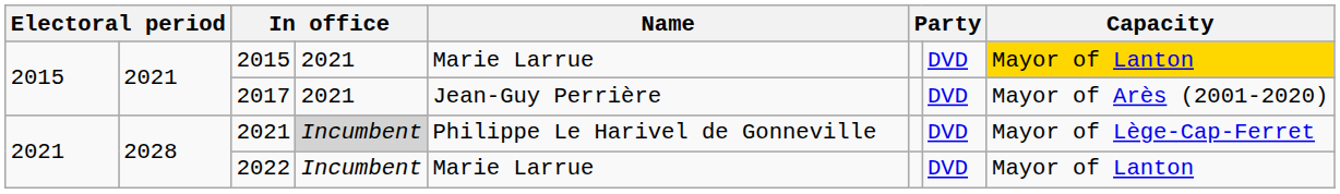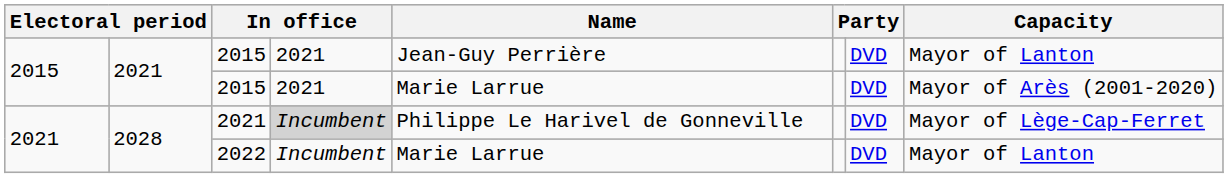 <table class="wikitable">
 <tr>
 <th colspan="2">Electoral period</th>
 <th colspan="2">In office</th>
 <th>Name</th>
 <th colspan="2">Party</th>
 <th>Capacity</th>
 </tr>
 <tr>
 <td rowspan="2">2015</td>
 <td rowspan="2">2021</td>
 <td>2015</td>
 <td>2021</td>
-<td>Marie Larrue  </td>
+<td>Jean-Guy Perrière  </td>
 <td></td>
 <td><a href='#'>DVD</a></td>
-<td style="background: gold;">Mayor of <a href='#'>Lanton</a></td>
+<td>Mayor of <a href='#'>Lanton</a></td>
 </tr>
 <tr>
-<td>2017</td>
+<td>2015</td>
 <td>2021</td>
-<td>Jean-Guy Perrière  </td>
+<td>Marie Larrue  </td>
 <td></td>
 <td><a href='#'>DVD</a></td>
 <td>Mayor of <a href='#'>Arès</a> (2001-2020)</td>
 </tr>
 <tr>
 <td rowspan="2">2021</td>
 <td rowspan="2">2028</td>
 <td>2021</td>
 <td style="background: lightgrey;"><em>Incumbent</em></td>
 <td>Philippe Le Harivel de Gonneville  </td>
 <td></td>
 <td><a href='#'>DVD</a></td>
 <td>Mayor of <a href='#'>Lège-Cap-Ferret</a></td>
 </tr>
 <tr>
 <td>2022</td>
 <td><em>Incumbent</em></td>
 <td>Marie Larrue  </td>
 <td></td>
 <td><a href='#'>DVD</a></td>
 <td>Mayor of <a href='#'>Lanton</a></td>
 </tr>
 </table>
